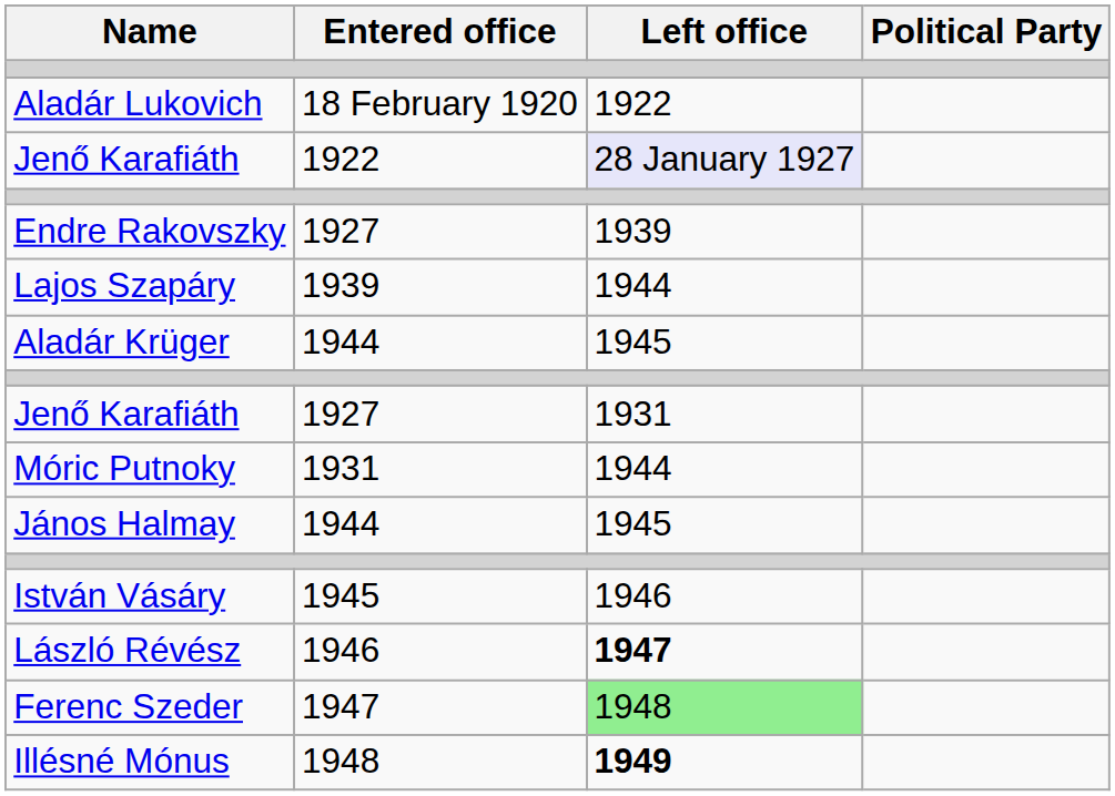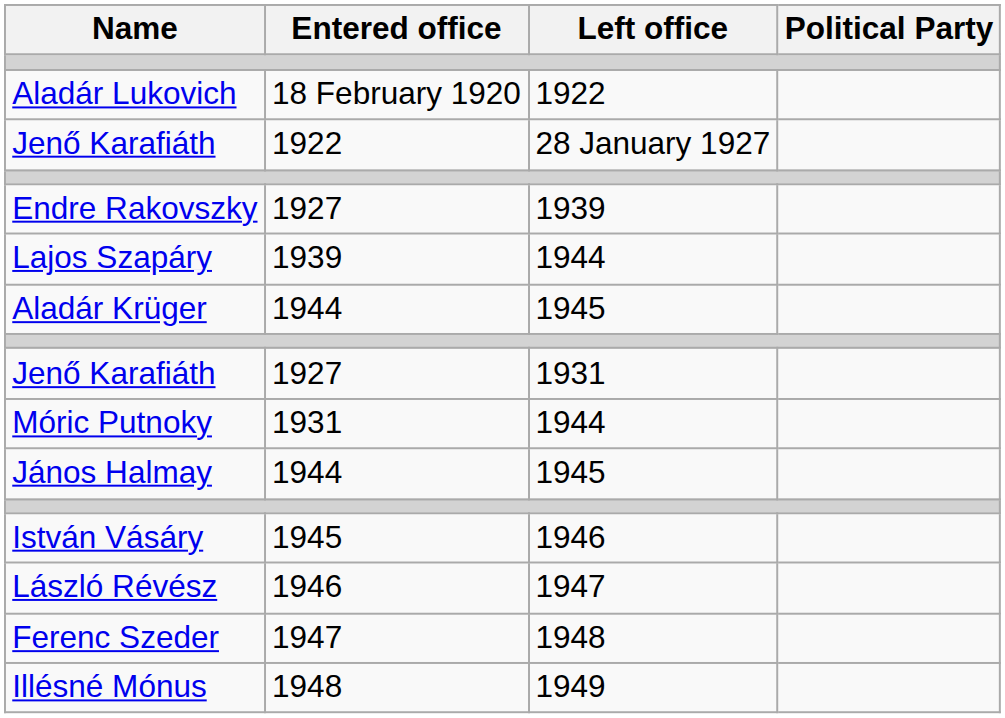 <table class="wikitable">
 <tr>
 <th>Name</th>
 <th>Entered office</th>
 <th>Left office</th>
 <th>Political Party</th>
 </tr>
 <tr>
 <th colspan="5" style="background-color: lightgrey;"></th>
 </tr>
 <tr>
 <td><a href='#'>Aladár Lukovich</a></td>
 <td>18 February 1920</td>
 <td>1922</td>
 <td></td>
 </tr>
 <tr>
 <td><a href='#'>Jenő Karafiáth</a></td>
 <td>1922</td>
-<td style="background: lavender;">28 January 1927</td>
+<td>28 January 1927</td>
 <td></td>
 </tr>
 <tr>
 <th colspan="5" style="background-color: lightgrey;"></th>
 </tr>
 <tr>
 <td><a href='#'>Endre Rakovszky</a></td>
 <td>1927</td>
 <td>1939</td>
 <td></td>
 </tr>
 <tr>
 <td><a href='#'>Lajos Szapáry</a></td>
 <td>1939</td>
 <td>1944</td>
 <td></td>
 </tr>
 <tr>
 <td><a href='#'>Aladár Krüger</a></td>
 <td>1944</td>
 <td>1945</td>
 <td></td>
 </tr>
 <tr>
 <th colspan="5" style="background-color: lightgrey;"></th>
 </tr>
 <tr>
 <td><a href='#'>Jenő Karafiáth</a></td>
 <td>1927</td>
 <td>1931</td>
 <td></td>
 </tr>
 <tr>
 <td><a href='#'>Móric Putnoky</a></td>
 <td>1931</td>
 <td>1944</td>
 <td></td>
 </tr>
 <tr>
 <td><a href='#'>János Halmay</a></td>
 <td>1944</td>
 <td>1945</td>
 <td></td>
 </tr>
 <tr>
 <th colspan="5" style="background-color: lightgrey;"></th>
 </tr>
 <tr>
 <td><a href='#'>István Vásáry</a></td>
 <td>1945</td>
 <td>1946</td>
 <td></td>
 </tr>
 <tr>
 <td><a href='#'>László Révész</a></td>
 <td>1946</td>
-<td><strong>1947</strong></td>
+<td>1947</td>
 <td></td>
 </tr>
 <tr>
 <td><a href='#'>Ferenc Szeder</a></td>
 <td>1947</td>
-<td style="background: lightgreen;">1948</td>
+<td>1948</td>
 <td></td>
 </tr>
 <tr>
 <td><a href='#'>Illésné Mónus</a></td>
 <td>1948</td>
-<td><strong>1949</strong></td>
+<td>1949</td>
 <td></td>
 </tr>
 </table>
